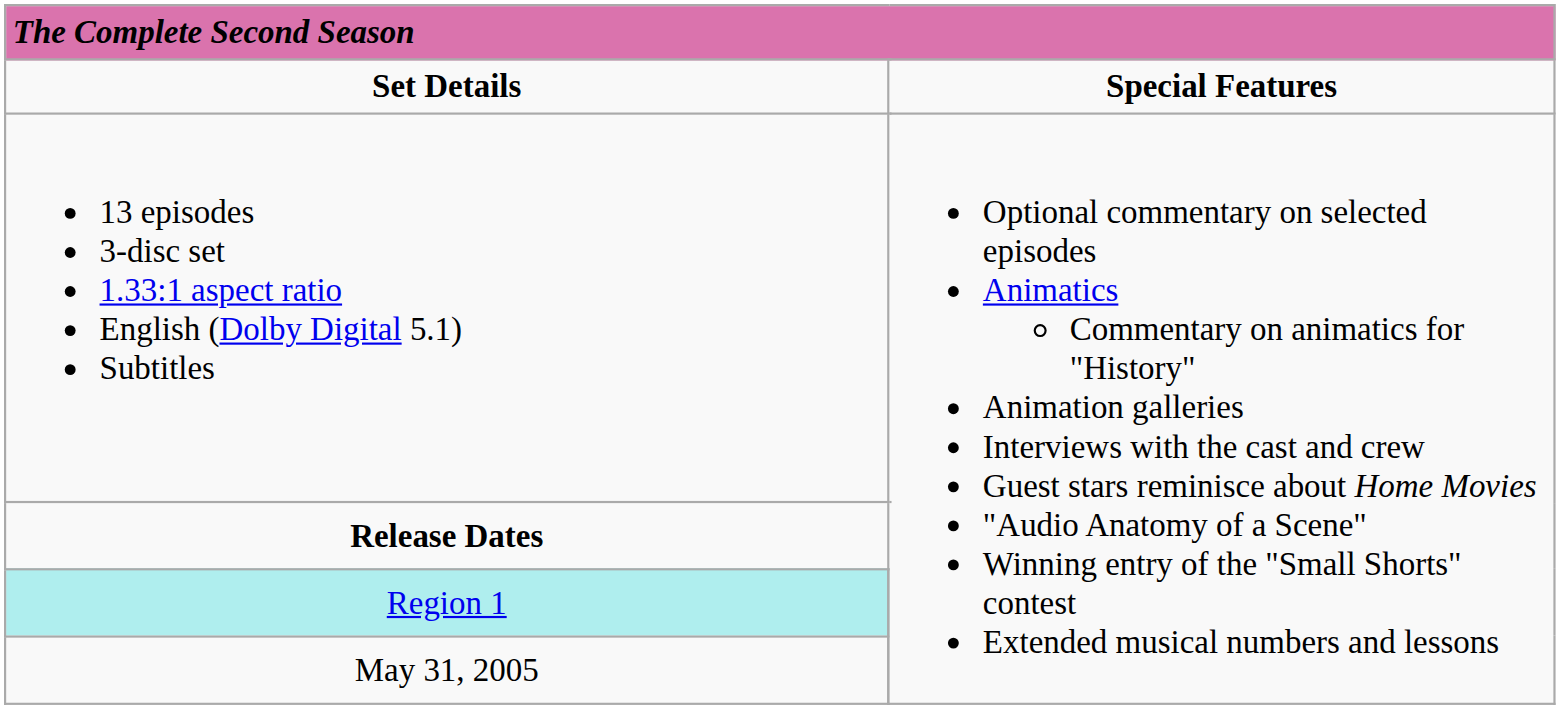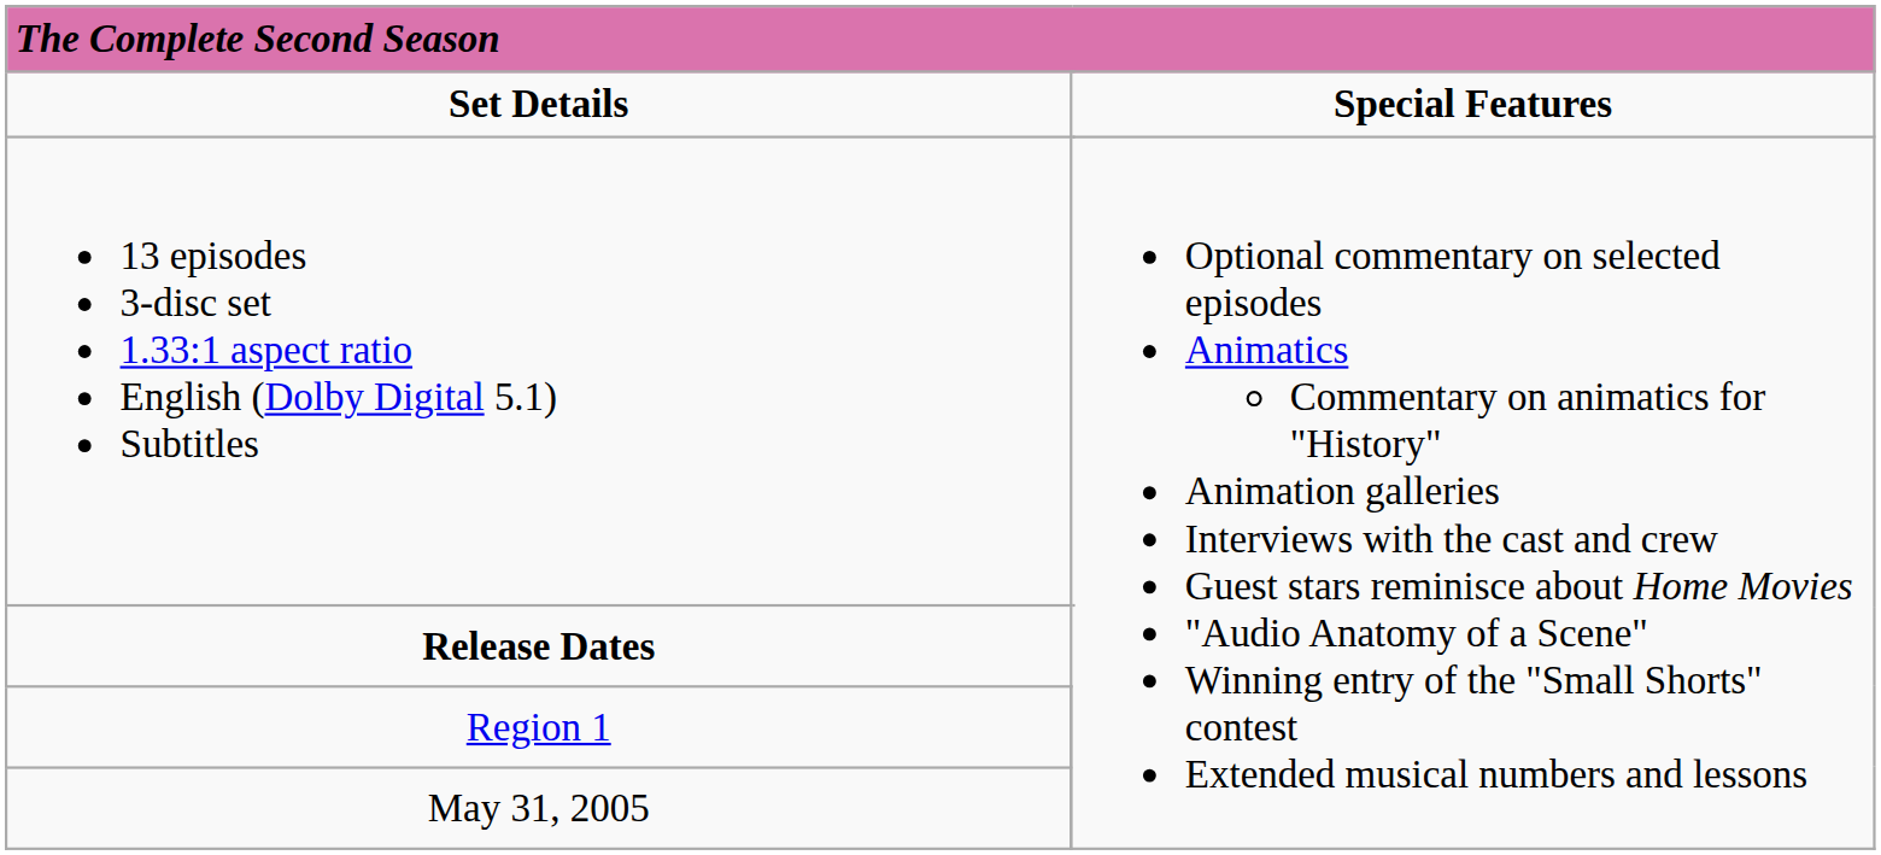 <table class="wikitable" style="font-size: 95%;">
 <tr style="background:#DA73AD; color: #000;">
 <td colspan="5"><strong><em>The Complete Second Season</em></strong></td>
 </tr>
 <tr valign="top">
 <td align="center" width="400" colspan="3"><strong>Set Details</strong></td>
 <td width="300" align="center"><strong>Special Features</strong></td>
 </tr>
 <tr valign="top">
 <td colspan="3" align="left" width="400"><br><ul><li>13 episodes</li><li>3-disc set</li><li><a href='#'>1.33:1 aspect ratio</a></li><li>English (<a href='#'>Dolby Digital</a> 5.1)</li><li>Subtitles</li></ul></td>
 <td rowspan="4" align="left" width="300"><br><ul><li>Optional commentary on selected episodes</li><li><a href='#'>Animatics</a><ul><li>Commentary on animatics for "History"</li></ul></li><li>Animation galleries</li><li>Interviews with the cast and crew</li><li>Guest stars reminisce about <em>Home Movies</em></li><li>"Audio Anatomy of a Scene"</li><li>Winning entry of the "Small Shorts" contest</li><li>Extended musical numbers and lessons</li></ul></td>
 </tr>
 <tr>
 <td colspan="3" align="center"><strong>Release Dates</strong></td>
 </tr>
 <tr>
-<td align="center" style="background: paleturquoise;"><a href='#'>Region 1</a></td>
+<td align="center"><a href='#'>Region 1</a></td>
 </tr>
 <tr>
 <td align="center">May 31, 2005</td>
 </tr>
 </table>
